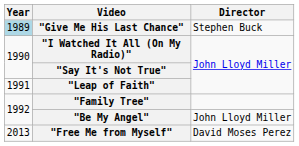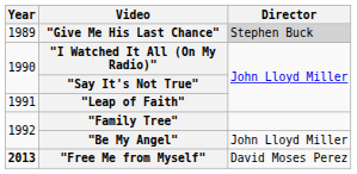 <table class="wikitable plainrowheaders">
 <tr>
 <th>Year</th>
 <th style="width:16em;">Video</th>
 <th>Director</th>
 </tr>
 <tr>
-<td style="background: lightblue;">1989</td>
+<td>1989</td>
 <th scope="row">"Give Me His Last Chance"</th>
-<td>Stephen Buck</td>
+<td style="background: lightgrey;">Stephen Buck</td>
 </tr>
 <tr>
 <td rowspan="2">1990</td>
 <th scope="row">"I Watched It All (On My Radio)"</th>
 <td rowspan="3"><a href='#'>John Lloyd Miller</a></td>
 </tr>
 <tr>
 <th scope="row">"Say It's Not True"</th>
 </tr>
 <tr>
 <td>1991</td>
 <th scope="row">"Leap of Faith"</th>
 </tr>
 <tr>
 <td rowspan="2">1992</td>
 <th scope="row">"Family Tree"</th>
 <td></td>
 </tr>
 <tr>
 <th scope="row">"Be My Angel"</th>
 <td>John Lloyd Miller</td>
 </tr>
 <tr>
-<td>2013</td>
+<td><strong>2013</strong></td>
 <th scope="row">"Free Me from Myself"</th>
 <td>David Moses Perez</td>
 </tr>
 </table>
